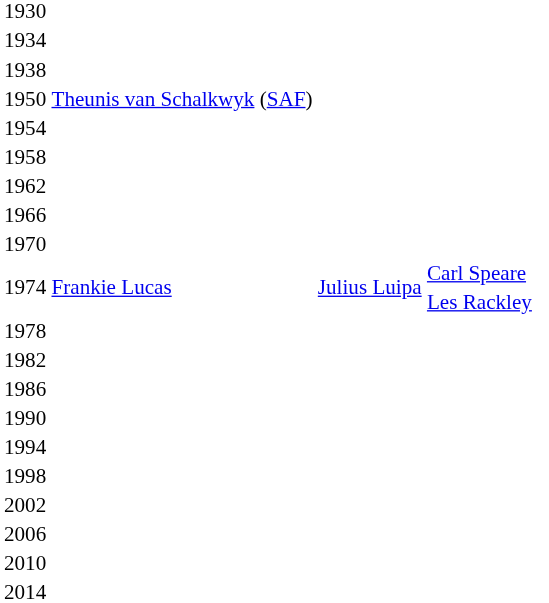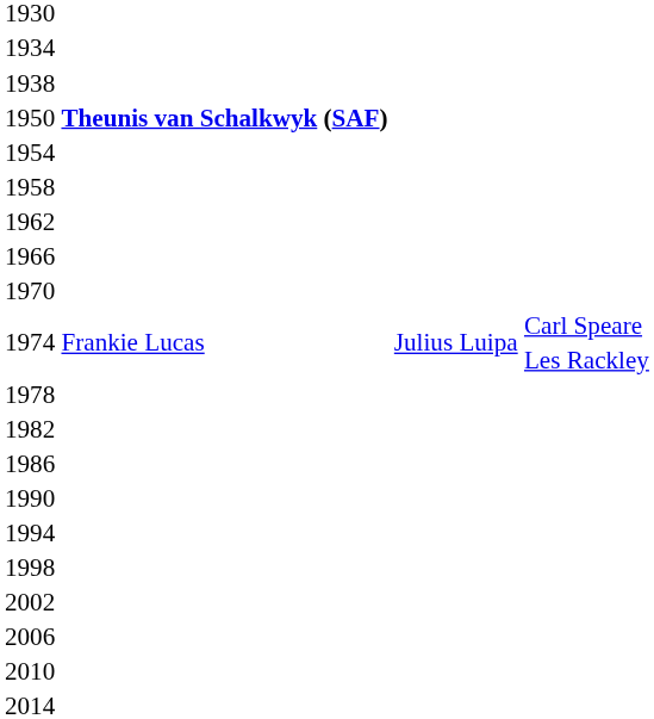 <table>
 <tr>
 <td>1930</td>
 <td></td>
 <td></td>
 <td></td>
 </tr>
 <tr>
 <td>1934</td>
 <td></td>
 <td></td>
 <td></td>
 </tr>
 <tr>
 <td>1938</td>
 <td></td>
 <td></td>
 <td></td>
 </tr>
 <tr>
 <td>1950</td>
-<td> <a href='#'>Theunis van Schalkwyk</a> <span>(<a href='#'>SAF</a>)</span></td>
+<td><strong> <a href='#'>Theunis van Schalkwyk</a> <span>(<a href='#'>SAF</a>)</span></strong></td>
 <td></td>
 <td></td>
 </tr>
 <tr>
 <td>1954</td>
 <td></td>
 <td></td>
 <td></td>
 </tr>
 <tr>
 <td rowspan=2>1958</td>
 <td rowspan=2></td>
 <td rowspan=2></td>
 <td></td>
 </tr>
 <tr>
 <td></td>
 </tr>
 <tr>
 <td>1962</td>
 <td></td>
 <td></td>
 <td></td>
 </tr>
 <tr>
 <td>1966</td>
 <td></td>
 <td></td>
 <td><br></td>
 </tr>
 <tr>
 <td rowspan=2>1970</td>
 <td rowspan=2></td>
 <td rowspan=2></td>
 <td></td>
 </tr>
 <tr>
 <td></td>
 </tr>
 <tr>
 <td rowspan=2>1974</td>
 <td rowspan=2> <a href='#'>Frankie Lucas</a></td>
 <td rowspan=2> <a href='#'>Julius Luipa</a></td>
 <td> <a href='#'>Carl Speare</a></td>
 </tr>
 <tr>
 <td> <a href='#'>Les Rackley</a></td>
 </tr>
 <tr>
 <td rowspan=2>1978</td>
 <td rowspan=2></td>
 <td rowspan=2></td>
 <td></td>
 </tr>
 <tr>
 <td></td>
 </tr>
 <tr>
 <td rowspan=2>1982</td>
 <td rowspan=2></td>
 <td rowspan=2></td>
 <td></td>
 </tr>
 <tr>
 <td></td>
 </tr>
 <tr>
 <td>1986</td>
 <td></td>
 <td></td>
 <td><br></td>
 </tr>
 <tr>
 <td>1990</td>
 <td></td>
 <td></td>
 <td><br></td>
 </tr>
 <tr>
 <td>1994</td>
 <td></td>
 <td></td>
 <td><br></td>
 </tr>
 <tr>
 <td>1998</td>
 <td></td>
 <td></td>
 <td><br></td>
 </tr>
 <tr>
 <td rowspan=2>2002</td>
 <td rowspan=2></td>
 <td rowspan=2></td>
 <td></td>
 </tr>
 <tr>
 <td></td>
 </tr>
 <tr>
 <td rowspan=2>2006</td>
 <td rowspan=2></td>
 <td rowspan=2></td>
 <td></td>
 </tr>
 <tr>
 <td></td>
 </tr>
 <tr>
 <td rowspan=2>2010<br></td>
 <td rowspan=2></td>
 <td rowspan=2></td>
 <td></td>
 </tr>
 <tr>
 <td></td>
 </tr>
 <tr>
 <td rowspan=2>2014<br></td>
 <td rowspan=2></td>
 <td rowspan=2></td>
 <td></td>
 </tr>
 <tr>
 <td></td>
 </tr>
 </table>
